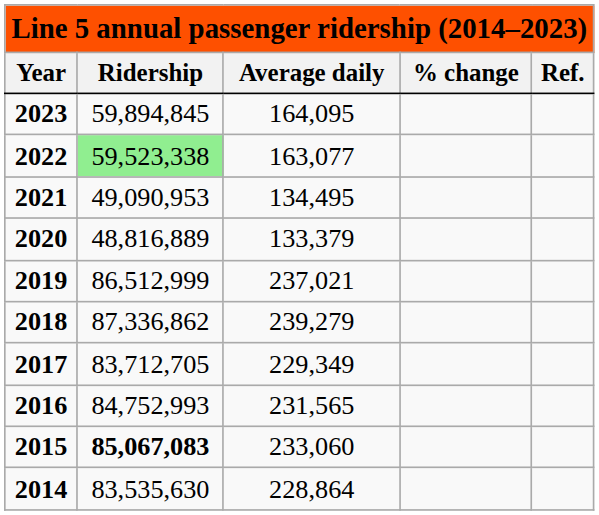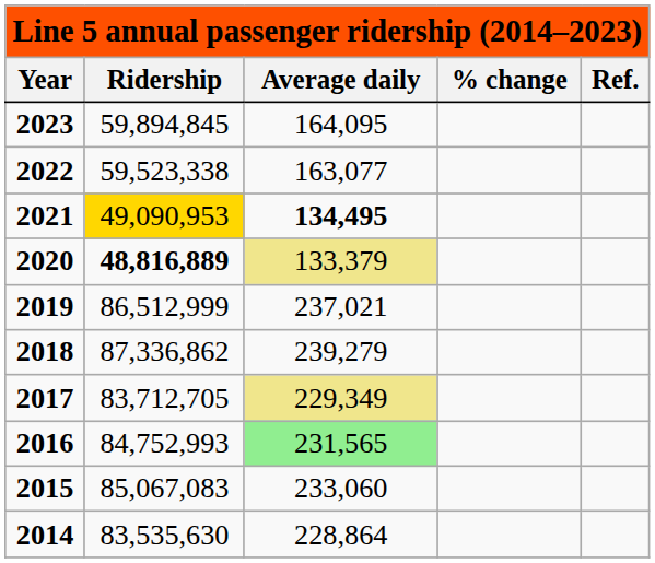 <table class="wikitable sortable cellpadding="4" cellspacing="0" style="text-align:right">
 <tr>
 <th colspan="6" style="background-color:#FE5000; font-size:110%; text-align:center;">Line 5 annual passenger ridership (2014–2023)</th>
 </tr>
 <tr style="font-size:95%; text-align:center">
 <th style="border-bottom:1px solid black">Year</th>
 <th style="border-bottom:1px solid black">Ridership</th>
 <th style="border-bottom:1px solid black">Average daily</th>
 <th style="border-bottom:1px solid black">% change</th>
 <th style="border-bottom:1px solid black">Ref.</th>
 </tr>
 <tr style="text-align:center;">
 <td><strong>2023</strong></td>
 <td>59,894,845</td>
 <td>164,095</td>
 <td></td>
 <td></td>
 </tr>
 <tr style="text-align:center;">
 <td><strong>2022</strong></td>
-<td style="background: lightgreen;">59,523,338</td>
+<td>59,523,338</td>
 <td>163,077</td>
 <td></td>
 <td></td>
 </tr>
 <tr style="text-align:center;">
 <td><strong>2021</strong></td>
-<td>49,090,953</td>
-<td>134,495</td>
+<td style="background: gold;">49,090,953</td>
+<td><strong>134,495</strong></td>
 <td></td>
 <td></td>
 </tr>
 <tr style="text-align:center;">
 <td><strong>2020</strong></td>
-<td>48,816,889</td>
-<td>133,379</td>
+<td><strong>48,816,889</strong></td>
+<td style="background: khaki;">133,379</td>
 <td></td>
 <td></td>
 </tr>
 <tr style="text-align:center;">
 <td><strong>2019</strong></td>
 <td>86,512,999</td>
 <td>237,021</td>
 <td></td>
 <td></td>
 </tr>
 <tr style="text-align:center;">
 <td><strong>2018</strong></td>
 <td>87,336,862</td>
 <td>239,279</td>
 <td></td>
 <td></td>
 </tr>
 <tr style="text-align:center;">
 <td><strong>2017</strong></td>
 <td>83,712,705</td>
-<td>229,349</td>
+<td style="background: khaki;">229,349</td>
 <td></td>
 <td></td>
 </tr>
 <tr style="text-align:center;">
 <td><strong>2016</strong></td>
 <td>84,752,993</td>
-<td>231,565</td>
+<td style="background: lightgreen;">231,565</td>
 <td></td>
 <td></td>
 </tr>
 <tr style="text-align:center;">
 <td><strong>2015</strong></td>
-<td><strong>85,067,083</strong></td>
+<td>85,067,083</td>
 <td>233,060</td>
 <td></td>
 <td></td>
 </tr>
 <tr style="text-align:center;">
 <td><strong>2014</strong></td>
 <td>83,535,630</td>
 <td>228,864</td>
 <td></td>
 <td></td>
 </tr>
 </table>
